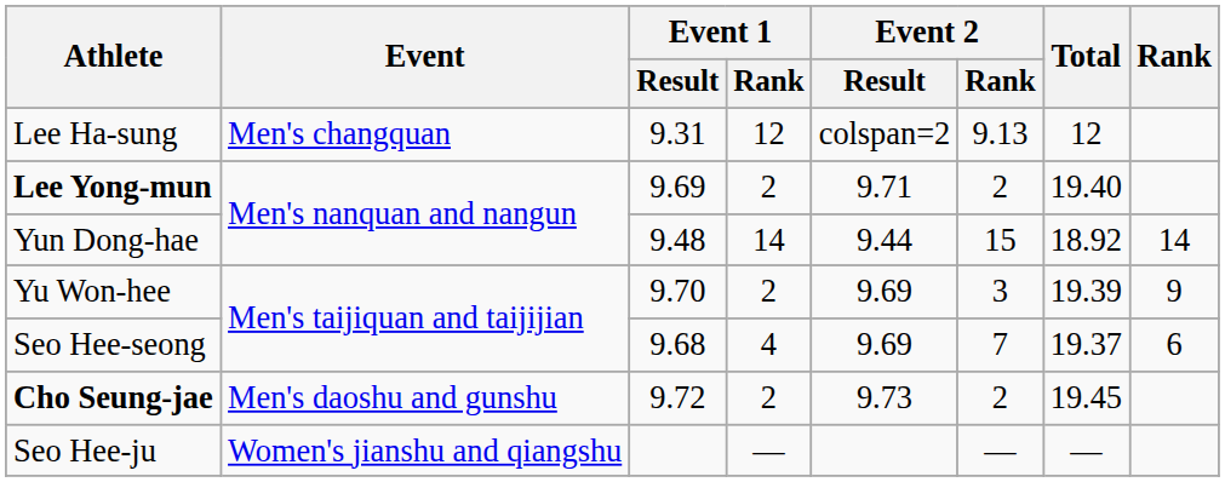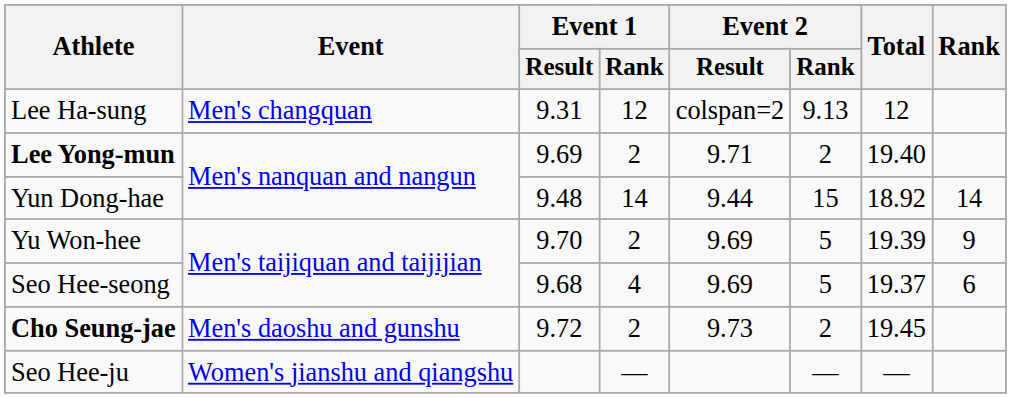 <table class=wikitable style=font-size:90%;text-align:center>
 <tr>
 <th rowspan="2">Athlete</th>
 <th rowspan="2">Event</th>
 <th colspan="2">Event 1</th>
 <th colspan="2">Event 2</th>
 <th rowspan="2">Total</th>
 <th rowspan="2">Rank</th>
 </tr>
 <tr style=font-size:95%>
 <th>Result</th>
 <th>Rank</th>
 <th>Result</th>
 <th>Rank</th>
 </tr>
 <tr>
 <td align=left>Lee Ha-sung</td>
 <td align=left><a href='#'>Men's changquan</a></td>
 <td>9.31</td>
 <td>12</td>
 <td>colspan=2 </td>
 <td>9.13</td>
 <td>12</td>
 </tr>
 <tr>
 <td align=left><strong>Lee Yong-mun</strong></td>
 <td align=left rowspan=2><a href='#'>Men's nanquan and nangun</a></td>
 <td>9.69</td>
 <td>2</td>
 <td>9.71</td>
 <td>2</td>
 <td>19.40</td>
 <td></td>
 </tr>
 <tr>
 <td align=left>Yun Dong-hae</td>
 <td>9.48</td>
 <td>14</td>
 <td>9.44</td>
 <td>15</td>
 <td>18.92</td>
 <td>14</td>
 </tr>
 <tr>
 <td align=left>Yu Won-hee</td>
 <td align=left rowspan=2><a href='#'>Men's taijiquan and taijijian</a></td>
 <td>9.70</td>
 <td>2</td>
 <td>9.69</td>
-<td>3</td>
+<td>5</td>
 <td>19.39</td>
 <td>9</td>
 </tr>
 <tr>
 <td align=left>Seo Hee-seong</td>
 <td>9.68</td>
 <td>4</td>
 <td>9.69</td>
-<td>7</td>
+<td>5</td>
 <td>19.37</td>
 <td>6</td>
 </tr>
 <tr>
 <td align=left><strong>Cho Seung-jae</strong></td>
 <td align=left><a href='#'>Men's daoshu and gunshu</a></td>
 <td>9.72</td>
 <td>2</td>
 <td>9.73</td>
 <td>2</td>
 <td>19.45</td>
 <td></td>
 </tr>
 <tr>
 <td align=left>Seo Hee-ju</td>
 <td align=left><a href='#'>Women's jianshu and qiangshu</a></td>
 <td></td>
 <td>—</td>
 <td></td>
 <td>—</td>
 <td>—</td>
 <td></td>
 </tr>
 </table>
